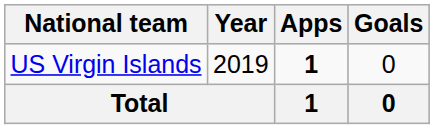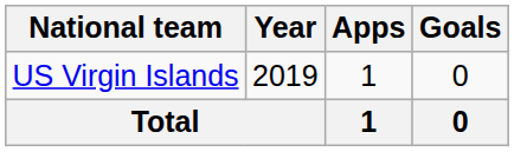 <table class="wikitable" style="text-align:center">
 <tr>
 <th>National team</th>
 <th>Year</th>
 <th>Apps</th>
 <th>Goals</th>
 </tr>
 <tr>
 <td rowspan=1><a href='#'>US Virgin Islands</a></td>
 <td>2019</td>
-<td><strong>1</strong></td>
+<td>1</td>
 <td>0</td>
 </tr>
 <tr>
 <th colspan=2>Total</th>
 <th>1</th>
 <th>0</th>
 </tr>
 </table>
